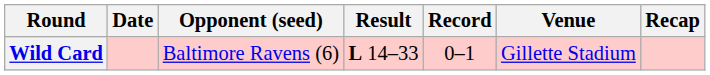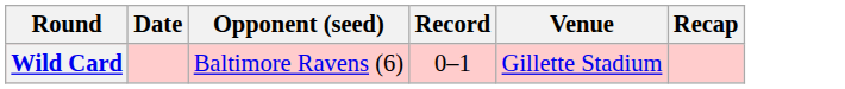 <table class="wikitable" style="text-align:center">
 <tr>
 <th>Round</th>
 <th>Date</th>
 <th>Opponent (seed)</th>
-<th>Result</th>
 <th>Record</th>
 <th>Venue</th>
 <th>Recap</th>
 </tr>
 <tr style="background:#fcc">
 <th><a href='#'>Wild Card</a></th>
 <td></td>
 <td><a href='#'>Baltimore Ravens</a> (6)</td>
-<td><strong>L</strong> 14–33</td>
 <td>0–1</td>
 <td><a href='#'>Gillette Stadium</a></td>
 <td></td>
 </tr>
 </table>
